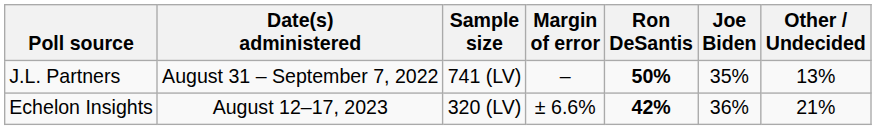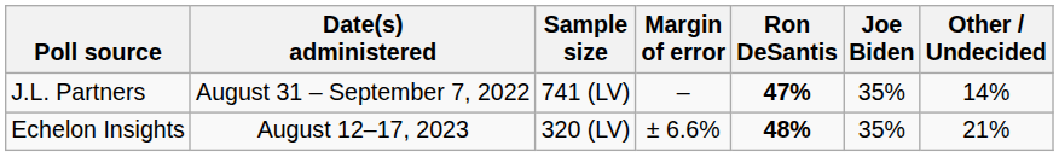 <table class="wikitable sortable mw-datatable" style="font-size:90%;text-align:center;line-height:17px">
 <tr valign=bottom>
 <th>Poll source</th>
 <th>Date(s)<br>administered</th>
 <th>Sample<br>size</th>
 <th>Margin<br>of error</th>
 <th class="unsortable">Ron<br>DeSantis<br></th>
 <th class="unsortable">Joe<br>Biden<br></th>
 <th class="unsortable">Other /<br>Undecided</th>
 </tr>
 <tr>
 <td style="text-align:left;">J.L. Partners</td>
 <td data-sort-value="2022-09-07">August 31 – September 7, 2022</td>
 <td>741 (LV)</td>
 <td>–</td>
-<td style="background-color:"><strong>50%</strong></td>
+<td style="background-color:"><strong>47%</strong></td>
 <td>35%</td>
-<td>13%</td>
+<td>14%</td>
 </tr>
 <tr>
 <td style="text-align:left;">Echelon Insights</td>
 <td data-sort-value="2022-09-07">August 12–17, 2023</td>
 <td>320 (LV)</td>
 <td>± 6.6%</td>
-<td style="background-color:"><strong>42%</strong></td>
-<td>36%</td>
+<td style="background-color:"><strong>48%</strong></td>
+<td>35%</td>
 <td>21%</td>
 </tr>
 </table>
